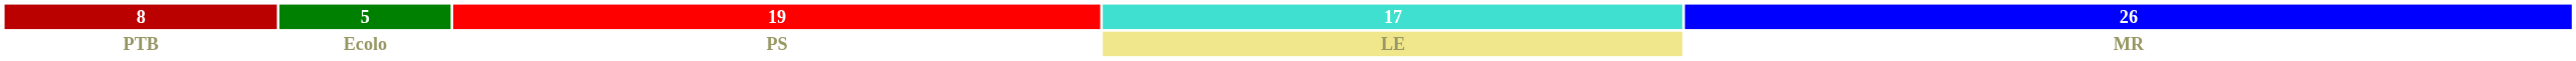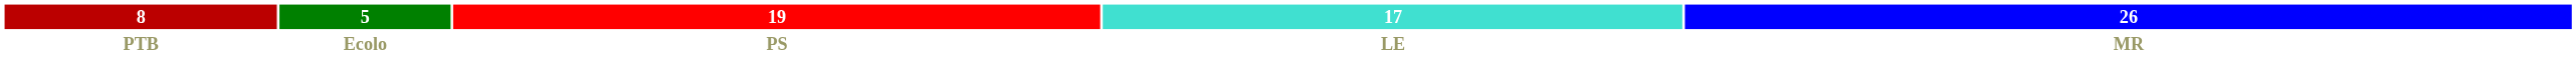 <table style="width:100%; font-size:88%; text-align:center;">
 <tr style="font-weight:bold">
 <td style="background:#BB0000; width:10.67%; color:white">8</td>
 <td style="background:green; width:6.67%; color:white">5</td>
 <td style="background:red; width:25.33%; color:white">19</td>
 <td style="background:turquoise; width:22.67%; color:white">17</td>
 <td style="background:blue; width:34.67%; color:white">26</td>
 </tr>
 <tr style="font-weight:bold; color:#996;">
 <td>PTB</td>
 <td>Ecolo</td>
 <td>PS</td>
-<td style="background: khaki;">LE</td>
+<td>LE</td>
 <td>MR</td>
 </tr>
 </table>
